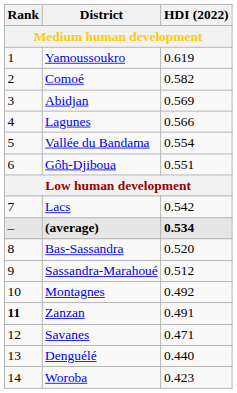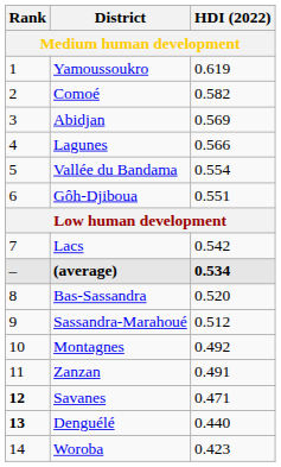 <table class="wikitable sortable">
 <tr>
 <th>Rank</th>
 <th>District</th>
 <th>HDI (2022)</th>
 </tr>
 <tr>
 <th colspan="3" style="color:#fc0;">Medium human development</th>
 </tr>
 <tr>
 <td>1</td>
 <td><a href='#'>Yamoussoukro</a></td>
 <td>0.619</td>
 </tr>
 <tr>
 <td>2</td>
 <td><a href='#'>Comoé</a></td>
 <td>0.582</td>
 </tr>
 <tr>
 <td>3</td>
 <td><a href='#'>Abidjan</a></td>
 <td>0.569</td>
 </tr>
 <tr>
 <td>4</td>
 <td><a href='#'>Lagunes</a></td>
 <td>0.566</td>
 </tr>
 <tr>
 <td>5</td>
 <td><a href='#'>Vallée du Bandama</a></td>
 <td>0.554</td>
 </tr>
 <tr>
 <td>6</td>
 <td><a href='#'>Gôh-Djiboua</a></td>
 <td>0.551</td>
 </tr>
 <tr>
 <th colspan="3" style="color:#900;">Low human development</th>
 </tr>
 <tr>
 <td>7</td>
 <td><a href='#'>Lacs</a></td>
 <td>0.542</td>
 </tr>
 <tr style="background:#e6e6e6">
 <td>–</td>
 <td><strong> (average)</strong></td>
 <td><strong>0.534</strong></td>
 </tr>
 <tr>
 <td>8</td>
 <td><a href='#'>Bas-Sassandra</a></td>
 <td>0.520</td>
 </tr>
 <tr>
 <td>9</td>
 <td><a href='#'>Sassandra-Marahoué</a></td>
 <td>0.512</td>
 </tr>
 <tr>
 <td>10</td>
 <td><a href='#'>Montagnes</a></td>
 <td>0.492</td>
 </tr>
 <tr>
-<td><strong>11</strong></td>
+<td>11</td>
 <td><a href='#'>Zanzan</a></td>
 <td>0.491</td>
 </tr>
 <tr>
-<td>12</td>
+<td><strong>12</strong></td>
 <td><a href='#'>Savanes</a></td>
 <td>0.471</td>
 </tr>
 <tr>
-<td>13</td>
+<td><strong>13</strong></td>
 <td><a href='#'>Denguélé</a></td>
 <td>0.440</td>
 </tr>
 <tr>
 <td>14</td>
 <td><a href='#'>Woroba</a></td>
 <td>0.423</td>
 </tr>
 </table>
